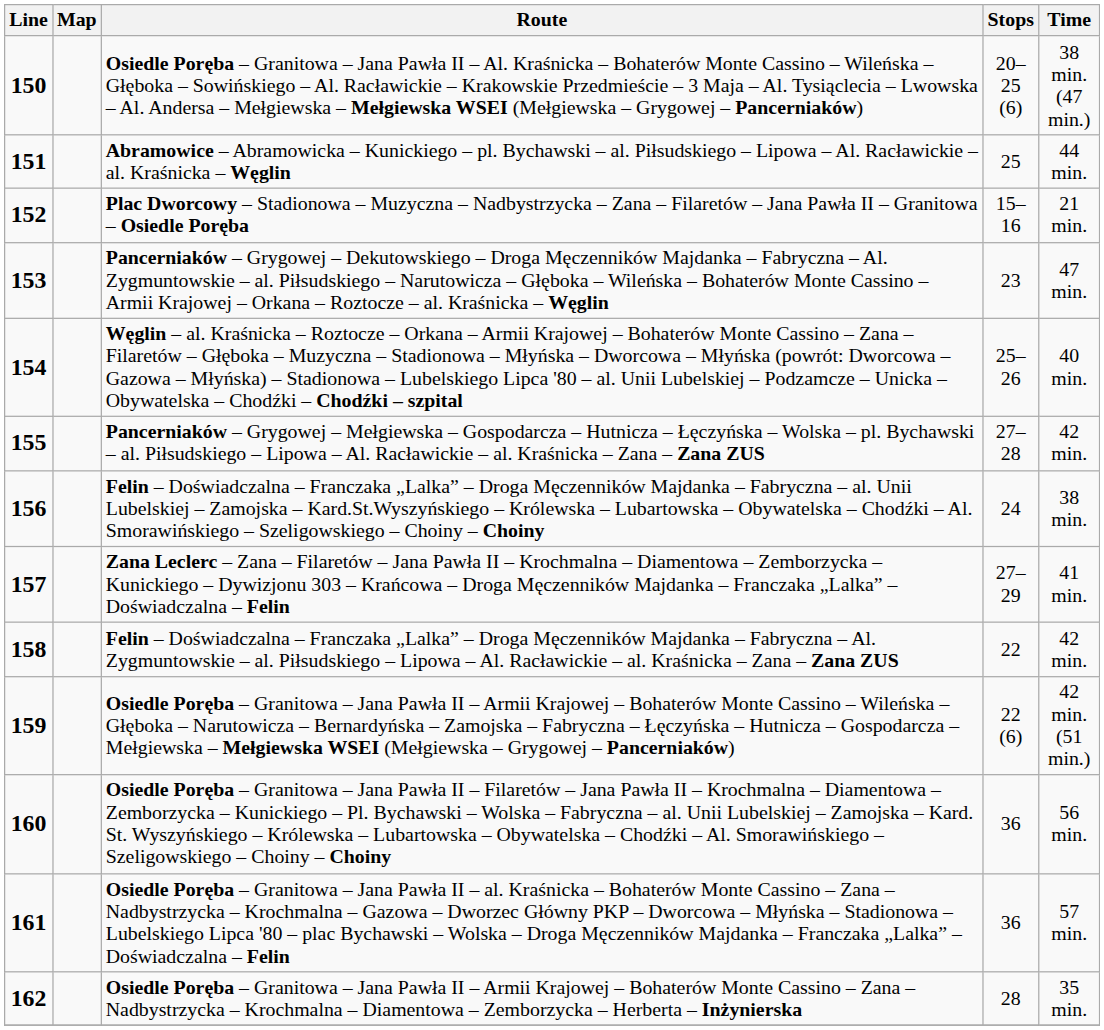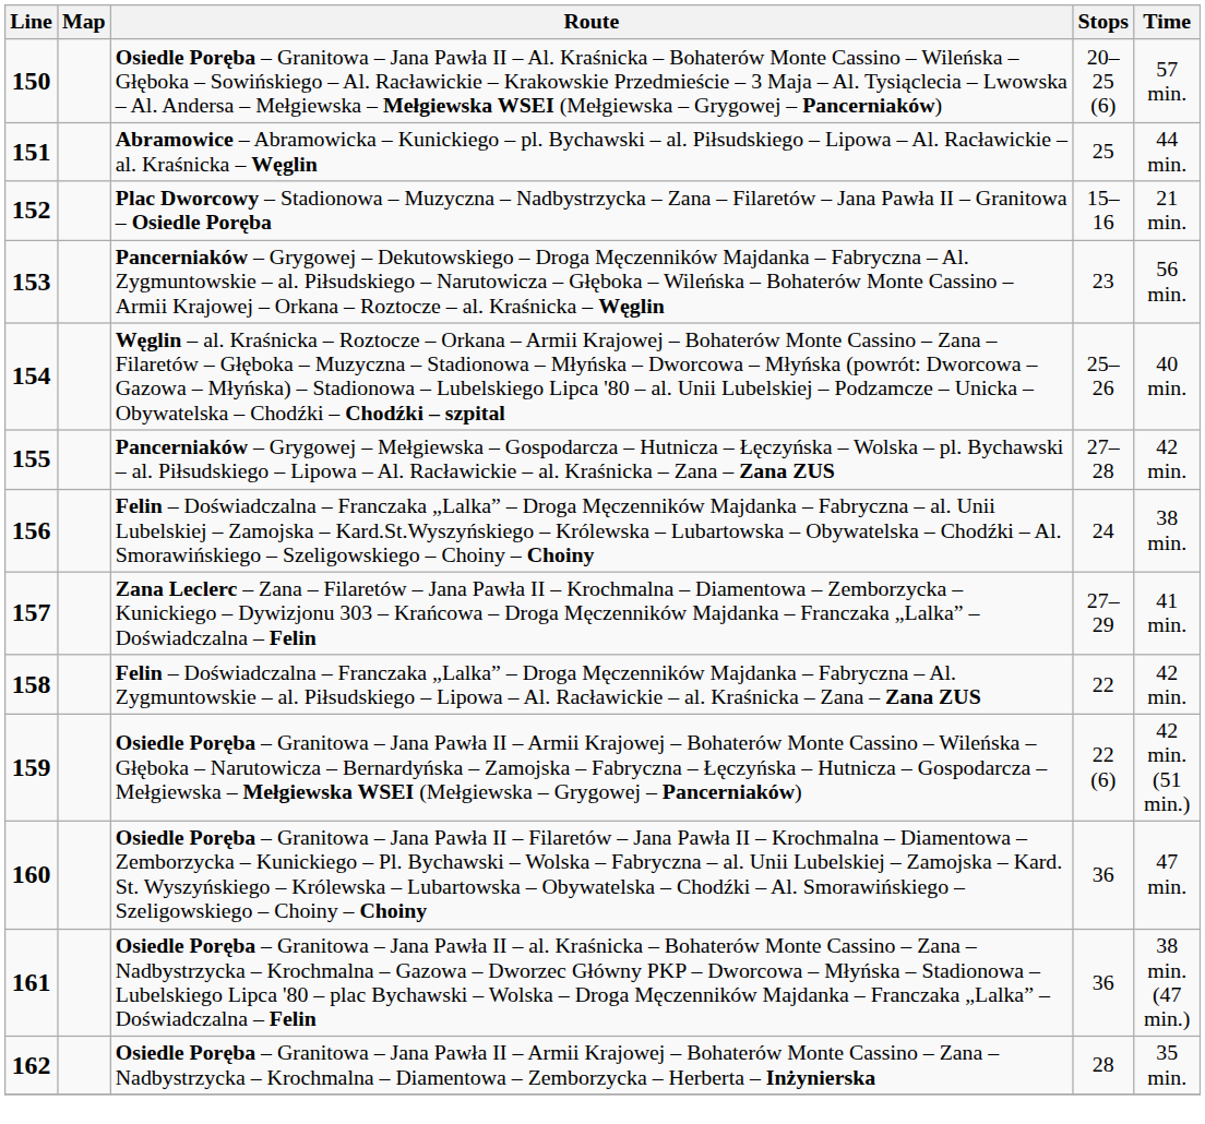 <table border="1" width="100%" class="wikitable sortable">
 <tr>
 <th scope="col">Line</th>
 <th scope="col" class="unsortable">Map</th>
 <th scope="col" class="unsortable">Route</th>
 <th scope="col">Stops</th>
 <th scope="col">Time</th>
 </tr>
 <tr>
 <td align="center"><big><strong>150</strong></big></td>
 <td></td>
 <td><strong>Osiedle Poręba</strong> – Granitowa – Jana Pawła II – Al. Kraśnicka – Bohaterów Monte Cassino – Wileńska – Głęboka – Sowińskiego – Al. Racławickie – Krakowskie Przedmieście – 3 Maja – Al. Tysiąclecia – Lwowska – Al. Andersa – Mełgiewska – <strong>Mełgiewska WSEI</strong> (Mełgiewska – Grygowej – <strong>Pancerniaków</strong>)</td>
 <td align="center">20–25<br>(6)</td>
-<td align="center">38 min.<br>(47 min.)</td>
+<td align="center">57 min.</td>
 </tr>
 <tr>
 <td align="center"><big><strong>151</strong></big></td>
 <td></td>
 <td><strong>Abramowice</strong> – Abramowicka – Kunickiego – pl. Bychawski – al. Piłsudskiego – Lipowa – Al. Racławickie – al. Kraśnicka – <strong>Węglin</strong></td>
 <td align="center">25</td>
 <td align="center">44 min.</td>
 </tr>
 <tr>
 <td align="center"><big><strong>152</strong></big></td>
 <td></td>
 <td><strong>Plac Dworcowy</strong> – Stadionowa – Muzyczna – Nadbystrzycka – Zana – Filaretów – Jana Pawła II – Granitowa – <strong>Osiedle Poręba</strong></td>
 <td align="center">15–16</td>
 <td align="center">21 min.</td>
 </tr>
 <tr>
 <td align="center"><big><strong>153</strong></big></td>
 <td></td>
 <td><strong>Pancerniaków</strong> – Grygowej – Dekutowskiego – Droga Męczenników Majdanka – Fabryczna – Al. Zygmuntowskie – al. Piłsudskiego – Narutowicza – Głęboka – Wileńska – Bohaterów Monte Cassino – Armii Krajowej – Orkana – Roztocze – al. Kraśnicka – <strong>Węglin</strong></td>
 <td align="center">23</td>
-<td align="center">47 min.</td>
+<td align="center">56 min.</td>
 </tr>
 <tr>
 <td align="center"><big><strong>154</strong></big></td>
 <td></td>
 <td><strong>Węglin</strong> – al. Kraśnicka – Roztocze – Orkana – Armii Krajowej – Bohaterów Monte Cassino – Zana – Filaretów – Głęboka – Muzyczna – Stadionowa – Młyńska – Dworcowa – Młyńska (powrót: Dworcowa – Gazowa – Młyńska) – Stadionowa – Lubelskiego Lipca '80 – al. Unii Lubelskiej – Podzamcze – Unicka – Obywatelska – Chodźki – <strong>Chodźki – szpital</strong></td>
 <td align="center">25–26</td>
 <td align="center">40 min.</td>
 </tr>
 <tr>
 <td align="center"><big><strong>155</strong></big></td>
 <td></td>
 <td><strong>Pancerniaków</strong> – Grygowej – Mełgiewska – Gospodarcza – Hutnicza – Łęczyńska – Wolska – pl. Bychawski – al. Piłsudskiego – Lipowa – Al. Racławickie – al. Kraśnicka – Zana – <strong>Zana ZUS</strong></td>
 <td align="center">27–28</td>
 <td align="center">42 min.</td>
 </tr>
 <tr>
 <td align="center"><big><strong>156</strong></big></td>
 <td></td>
 <td><strong>Felin</strong> – Doświadczalna – Franczaka „Lalka” – Droga Męczenników Majdanka – Fabryczna – al. Unii Lubelskiej – Zamojska – Kard.St.Wyszyńskiego – Królewska – Lubartowska – Obywatelska – Chodźki – Al. Smorawińskiego – Szeligowskiego – Choiny – <strong>Choiny</strong></td>
 <td align="center">24</td>
 <td align="center">38 min.</td>
 </tr>
 <tr>
 <td align="center"><big><strong>157</strong></big></td>
 <td></td>
 <td><strong>Zana Leclerc</strong> – Zana – Filaretów – Jana Pawła II – Krochmalna – Diamentowa – Zemborzycka – Kunickiego – Dywizjonu 303 – Krańcowa – Droga Męczenników Majdanka – Franczaka „Lalka” – Doświadczalna – <strong>Felin</strong></td>
 <td align="center">27–29</td>
 <td align="center">41 min.</td>
 </tr>
 <tr>
 <td align="center"><big><strong>158</strong></big></td>
 <td></td>
 <td><strong>Felin</strong> – Doświadczalna – Franczaka „Lalka” – Droga Męczenników Majdanka – Fabryczna – Al. Zygmuntowskie – al. Piłsudskiego – Lipowa – Al. Racławickie – al. Kraśnicka – Zana – <strong>Zana ZUS</strong></td>
 <td align="center">22</td>
 <td align="center">42 min.</td>
 </tr>
 <tr>
 <td align="center"><big><strong>159</strong></big></td>
 <td></td>
 <td><strong>Osiedle Poręba</strong> – Granitowa – Jana Pawła II – Armii Krajowej – Bohaterów Monte Cassino – Wileńska – Głęboka – Narutowicza – Bernardyńska – Zamojska – Fabryczna – Łęczyńska – Hutnicza – Gospodarcza – Mełgiewska – <strong>Mełgiewska WSEI</strong> (Mełgiewska – Grygowej – <strong>Pancerniaków</strong>)</td>
 <td align="center">22<br>(6)</td>
 <td align="center">42 min.<br>(51 min.)</td>
 </tr>
 <tr>
 <td align="center"><big><strong>160</strong></big></td>
 <td></td>
 <td><strong>Osiedle Poręba</strong> – Granitowa – Jana Pawła II – Filaretów – Jana Pawła II – Krochmalna – Diamentowa – Zemborzycka – Kunickiego – Pl. Bychawski – Wolska – Fabryczna – al. Unii Lubelskiej – Zamojska – Kard. St. Wyszyńskiego – Królewska – Lubartowska – Obywatelska – Chodźki – Al. Smorawińskiego – Szeligowskiego – Choiny – <strong>Choiny</strong></td>
 <td align="center">36</td>
-<td align="center">56 min.</td>
+<td align="center">47 min.</td>
 </tr>
 <tr>
 <td align="center"><big><strong>161</strong></big></td>
 <td></td>
 <td><strong>Osiedle Poręba</strong> – Granitowa – Jana Pawła II – al. Kraśnicka – Bohaterów Monte Cassino – Zana – Nadbystrzycka – Krochmalna – Gazowa – Dworzec Główny PKP – Dworcowa – Młyńska – Stadionowa – Lubelskiego Lipca '80 – plac Bychawski – Wolska – Droga Męczenników Majdanka – Franczaka „Lalka” – Doświadczalna – <strong>Felin</strong></td>
 <td align="center">36</td>
-<td align="center">57 min.</td>
+<td align="center">38 min.<br>(47 min.)</td>
 </tr>
 <tr>
 <td align="center"><big><strong>162</strong></big></td>
 <td></td>
 <td><strong>Osiedle Poręba</strong> – Granitowa – Jana Pawła II – Armii Krajowej – Bohaterów Monte Cassino – Zana – Nadbystrzycka – Krochmalna – Diamentowa – Zemborzycka – Herberta – <strong>Inżynierska</strong></td>
 <td align="center">28</td>
 <td align="center">35 min.</td>
 </tr>
 <tr>
 </tr>
 </table>
